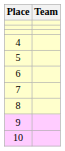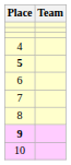 <table class="wikitable">
 <tr>
 <th>Place</th>
 <th>Team</th>
 </tr>
 <tr bgcolor=#ffffcc>
 <td align=center></td>
 <td></td>
 </tr>
 <tr bgcolor=#ffffcc>
 <td align=center></td>
 <td></td>
 </tr>
 <tr bgcolor=#ffffcc>
 <td align=center></td>
 <td></td>
 </tr>
 <tr bgcolor=#ffffcc>
 <td align=center>4</td>
 <td></td>
 </tr>
 <tr bgcolor=#ffffcc>
-<td align=center>5</td>
+<td align=center><strong>5</strong></td>
 <td></td>
 </tr>
 <tr bgcolor=#ffffcc>
 <td align=center>6</td>
 <td></td>
 </tr>
 <tr bgcolor=#ffffcc>
 <td align=center>7</td>
 <td></td>
 </tr>
 <tr bgcolor=#ffffcc>
 <td align=center>8</td>
 <td></td>
 </tr>
 <tr bgcolor=#ffccff>
-<td align=center>9</td>
+<td align=center><strong>9</strong></td>
 <td></td>
 </tr>
 <tr bgcolor=#ffccff>
 <td align=center>10</td>
 <td></td>
 </tr>
 </table>
